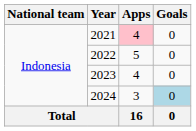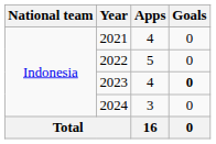 <table class="wikitable" style="text-align:center">
 <tr>
 <th>National team</th>
 <th>Year</th>
 <th>Apps</th>
 <th>Goals</th>
 </tr>
 <tr>
 <td rowspan=4><a href='#'>Indonesia</a></td>
 <td>2021</td>
-<td style="background: pink;">4</td>
+<td>4</td>
 <td>0</td>
 </tr>
 <tr>
 <td>2022</td>
 <td>5</td>
 <td>0</td>
 </tr>
 <tr>
 <td>2023</td>
 <td>4</td>
-<td>0</td>
+<td><strong>0</strong></td>
 </tr>
 <tr>
 <td>2024</td>
 <td>3</td>
-<td style="background: lightblue;">0</td>
+<td>0</td>
 </tr>
 <tr>
 <th colspan=2>Total</th>
 <th>16</th>
 <th>0</th>
 </tr>
 </table>
